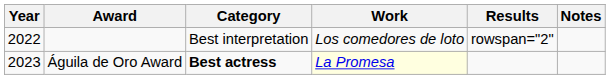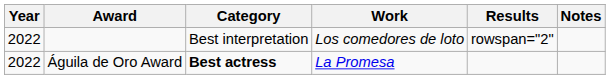 <table class="wikitable">
 <tr>
 <th>Year</th>
 <th>Award</th>
 <th>Category</th>
 <th>Work</th>
 <th>Results</th>
 <th>Notes</th>
 </tr>
 <tr>
 <td>2022</td>
 <td></td>
 <td>Best interpretation</td>
 <td><em>Los comedores de loto</em></td>
 <td>rowspan="2" </td>
 <td></td>
 </tr>
 <tr>
-<td>2023</td>
+<td>2022</td>
 <td>Águila de Oro Award</td>
 <td><strong>Best actress</strong></td>
-<td style="background: lightyellow;"><em><a href='#'>La Promesa</a></em></td>
+<td><em><a href='#'>La Promesa</a></em></td>
 <td></td>
 </tr>
 </table>
